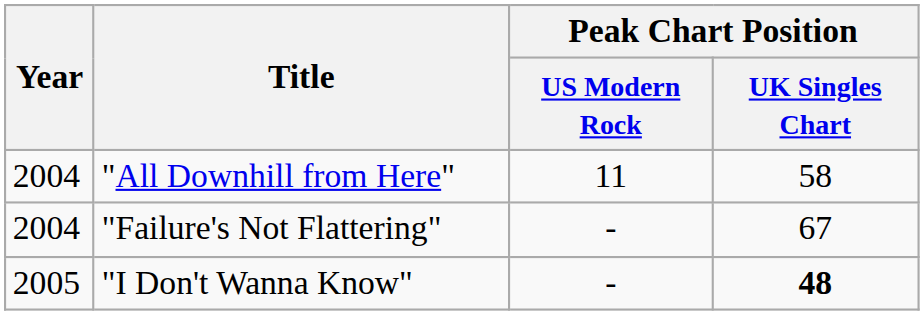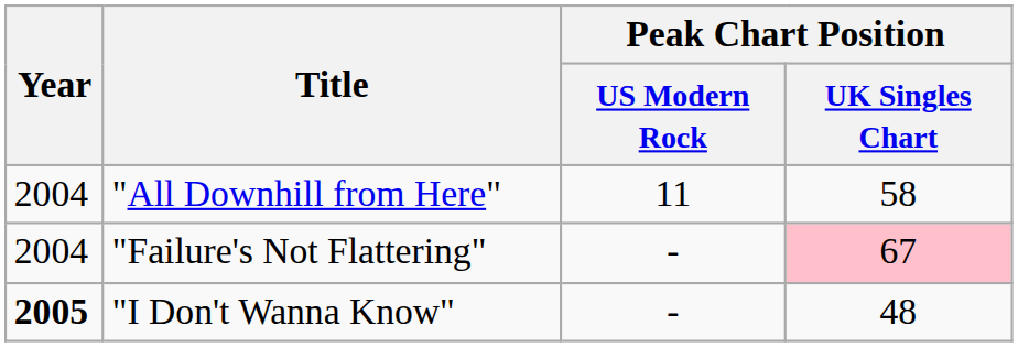 <table class="wikitable">
 <tr>
 <th style="width:35px;" rowspan="2">Year</th>
 <th style="width:190px;" rowspan="2">Title</th>
 <th colspan=4>Peak Chart Position</th>
 </tr>
 <tr>
 <th width=90><small><a href='#'>US Modern Rock</a></small><br></th>
 <th width=90><small><a href='#'>UK Singles Chart</a></small><br></th>
 </tr>
 <tr>
 <td>2004</td>
 <td>"<a href='#'>All Downhill from Here</a>"</td>
 <td align=center>11</td>
 <td align=center>58</td>
 </tr>
 <tr>
 <td>2004</td>
 <td>"Failure's Not Flattering"</td>
 <td align=center>-</td>
-<td align=center>67</td>
+<td align=center style="background: pink;">67</td>
 </tr>
 <tr>
-<td>2005</td>
+<td><strong>2005</strong></td>
 <td>"I Don't Wanna Know"</td>
 <td align=center>-</td>
-<td align=center><strong>48</strong></td>
+<td align=center>48</td>
 </tr>
 </table>
